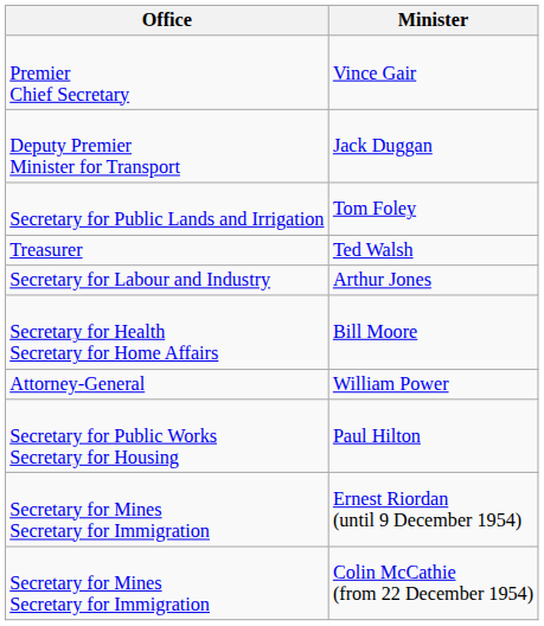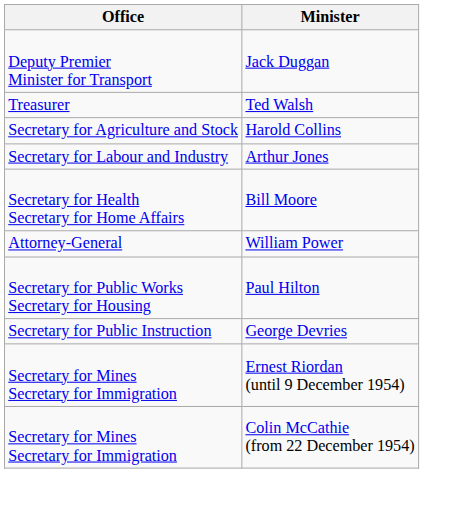 <table class="wikitable">
 <tr>
 <th>Office</th>
 <th>Minister</th>
 </tr>
 <tr>
-<td><br><a href='#'>Premier</a><br> <a href='#'>Chief Secretary</a><br></td>
-<td><a href='#'>Vince Gair</a></td>
-</tr>
-<tr>
 <td><br><a href='#'>Deputy Premier</a><br> <a href='#'>Minister for Transport</a></td>
 <td><a href='#'>Jack Duggan</a></td>
 </tr>
 <tr>
-<td><br><a href='#'>Secretary for Public Lands and Irrigation</a><br></td>
-<td><a href='#'>Tom Foley</a></td>
+<td><a href='#'>Treasurer</a></td>
+<td><a href='#'>Ted Walsh</a></td>
 </tr>
 <tr>
-<td><a href='#'>Treasurer</a></td>
-<td><a href='#'>Ted Walsh</a></td>
+<td><a href='#'>Secretary for Agriculture and Stock</a></td>
+<td><a href='#'>Harold Collins</a></td>
 </tr>
 <tr>
 <td><a href='#'>Secretary for Labour and Industry</a></td>
 <td><a href='#'>Arthur Jones</a></td>
 </tr>
 <tr>
 <td><br><a href='#'>Secretary for Health</a><br> <a href='#'>Secretary for Home Affairs</a></td>
 <td><a href='#'>Bill Moore</a></td>
 </tr>
 <tr>
 <td><a href='#'>Attorney-General</a></td>
 <td><a href='#'>William Power</a></td>
 </tr>
 <tr>
 <td><br><a href='#'>Secretary for Public Works</a><br> <a href='#'>Secretary for Housing</a><br></td>
 <td><a href='#'>Paul Hilton</a></td>
 </tr>
 <tr>
+<td><a href='#'>Secretary for Public Instruction</a></td>
+<td><a href='#'>George Devries</a></td>
+</tr>
+<tr>
 <td><br><a href='#'>Secretary for Mines</a><br> <a href='#'>Secretary for Immigration</a></td>
 <td><a href='#'>Ernest Riordan</a><br>(until 9 December 1954)</td>
 </tr>
 <tr>
 <td><br><a href='#'>Secretary for Mines</a><br> <a href='#'>Secretary for Immigration</a></td>
 <td><a href='#'>Colin McCathie</a><br>(from 22 December 1954)</td>
 </tr>
 </table>
